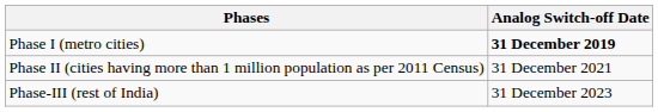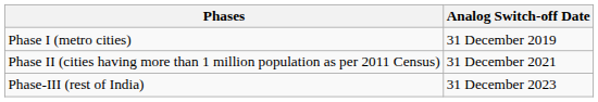 <table class="wikitable">
 <tr>
 <th>Phases</th>
 <th>Analog Switch-off Date</th>
 </tr>
 <tr>
 <td>Phase I (metro cities)</td>
-<td><strong>31 December 2019</strong></td>
+<td>31 December 2019</td>
 </tr>
 <tr>
 <td>Phase II (cities having more than 1 million population as per 2011 Census)</td>
 <td>31 December 2021</td>
 </tr>
 <tr>
 <td>Phase-III (rest of India)</td>
 <td>31 December 2023</td>
 </tr>
 </table>
